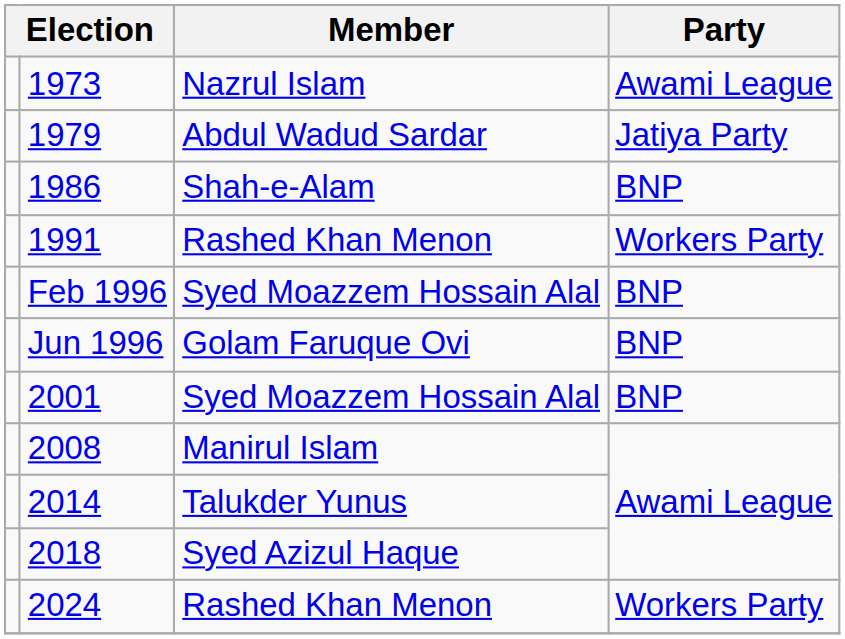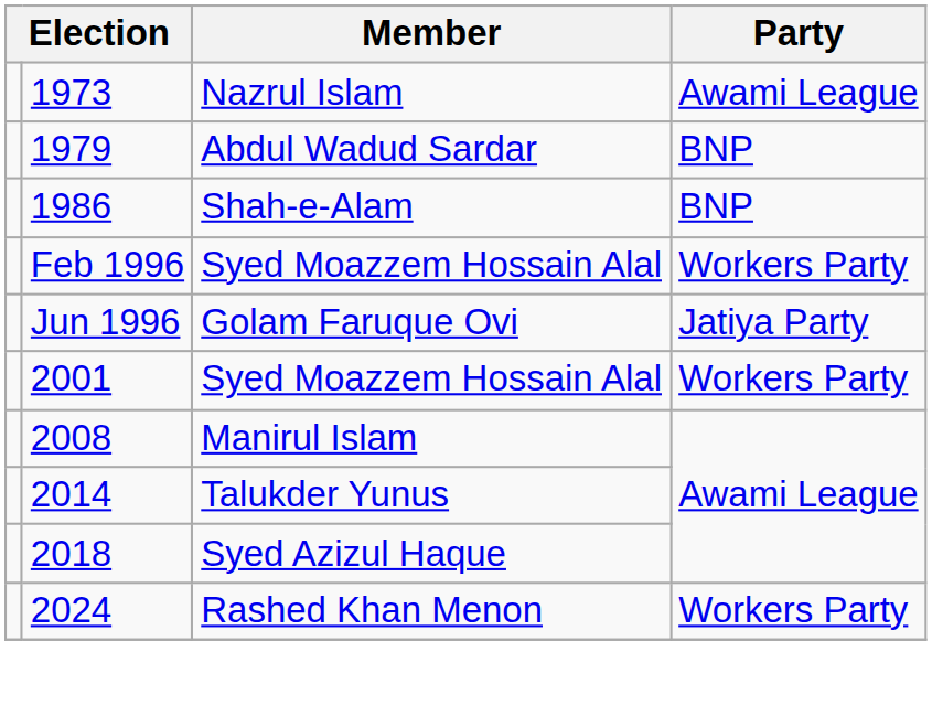 <table class="wikitable">
 <tr>
 <th colspan="2">Election</th>
 <th>Member</th>
 <th>Party</th>
 </tr>
 <tr>
 <td style="background-color:"></td>
 <td><a href='#'>1973</a></td>
 <td><a href='#'>Nazrul Islam</a></td>
 <td><a href='#'>Awami League</a></td>
 </tr>
 <tr>
 <td style="background-color:"></td>
 <td><a href='#'>1979</a></td>
 <td><a href='#'>Abdul Wadud Sardar</a></td>
-<td><a href='#'>Jatiya Party</a></td>
+<td><a href='#'>BNP</a></td>
 </tr>
 <tr>
 <td style="background-color:"></td>
 <td><a href='#'>1986</a></td>
 <td><a href='#'>Shah-e-Alam</a></td>
 <td><a href='#'>BNP</a></td>
 </tr>
 <tr>
 <td style="background-color:"></td>
-<td><a href='#'>1991</a></td>
-<td><a href='#'>Rashed Khan Menon</a></td>
-<td><a href='#'>Workers Party</a></td>
-</tr>
-<tr>
-<td style="background-color:"></td>
 <td><a href='#'>Feb 1996</a></td>
 <td><a href='#'>Syed Moazzem Hossain Alal</a></td>
-<td><a href='#'>BNP</a></td>
+<td><a href='#'>Workers Party</a></td>
 </tr>
 <tr>
 <td style="background-color:"></td>
 <td><a href='#'>Jun 1996</a></td>
 <td><a href='#'>Golam Faruque Ovi</a></td>
-<td><a href='#'>BNP</a></td>
+<td><a href='#'>Jatiya Party</a></td>
 </tr>
 <tr>
 <td style="background-color:"></td>
 <td><a href='#'>2001</a></td>
 <td><a href='#'>Syed Moazzem Hossain Alal</a></td>
-<td><a href='#'>BNP</a></td>
+<td><a href='#'>Workers Party</a></td>
 </tr>
 <tr>
 <td style="background-color:"></td>
 <td><a href='#'>2008</a></td>
 <td><a href='#'>Manirul Islam</a></td>
 <td rowspan="3"><a href='#'>Awami League</a></td>
 </tr>
 <tr>
 <td style="background-color:"></td>
 <td><a href='#'>2014</a></td>
 <td><a href='#'>Talukder Yunus</a></td>
 </tr>
 <tr>
 <td style="background-color:"></td>
 <td><a href='#'>2018</a></td>
 <td><a href='#'>Syed Azizul Haque</a></td>
 </tr>
 <tr>
 <td style="background-color:"></td>
 <td><a href='#'>2024</a></td>
 <td><a href='#'>Rashed Khan Menon</a></td>
 <td><a href='#'>Workers Party</a></td>
 </tr>
 <tr>
 </tr>
 </table>
